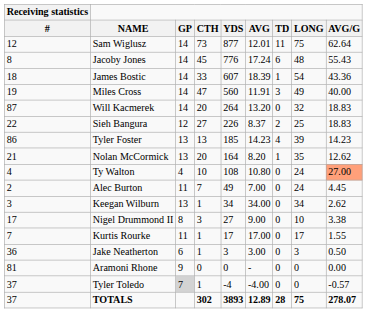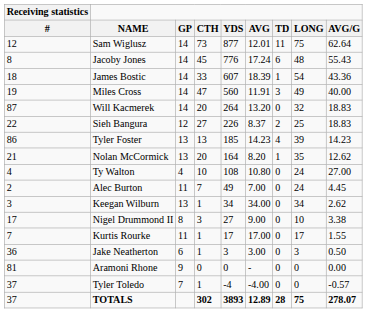 <table class="wikitable collapsible">
 <tr>
 <th style="text-align:center; ">Receiving statistics</th>
 </tr>
 <tr>
 <th>#</th>
 <th>NAME</th>
 <th>GP</th>
 <th>CTH</th>
 <th>YDS</th>
 <th>AVG</th>
 <th>TD</th>
 <th>LONG</th>
 <th>AVG/G</th>
 </tr>
 <tr>
 <td>12</td>
 <td>Sam Wiglusz</td>
 <td>14</td>
 <td>73</td>
 <td>877</td>
 <td>12.01</td>
 <td>11</td>
 <td>75</td>
 <td>62.64</td>
 </tr>
 <tr>
 <td>8</td>
 <td>Jacoby Jones</td>
 <td>14</td>
 <td>45</td>
 <td>776</td>
 <td>17.24</td>
 <td>6</td>
 <td>48</td>
 <td>55.43</td>
 </tr>
 <tr>
 <td>18</td>
 <td>James Bostic</td>
 <td>14</td>
 <td>33</td>
 <td>607</td>
 <td>18.39</td>
 <td>1</td>
 <td>54</td>
 <td>43.36</td>
 </tr>
 <tr>
 <td>19</td>
 <td>Miles Cross</td>
 <td>14</td>
 <td>47</td>
 <td>560</td>
 <td>11.91</td>
 <td>3</td>
 <td>49</td>
 <td>40.00</td>
 </tr>
 <tr>
 <td>87</td>
 <td>Will Kacmerek</td>
 <td>14</td>
 <td>20</td>
 <td>264</td>
 <td>13.20</td>
 <td>0</td>
 <td>32</td>
 <td>18.83</td>
 </tr>
 <tr>
 <td>22</td>
 <td>Sieh Bangura</td>
 <td>12</td>
 <td>27</td>
 <td>226</td>
 <td>8.37</td>
 <td>2</td>
 <td>25</td>
 <td>18.83</td>
 </tr>
 <tr>
 <td>86</td>
 <td>Tyler Foster</td>
 <td>13</td>
 <td>13</td>
 <td>185</td>
 <td>14.23</td>
 <td>4</td>
 <td>39</td>
 <td>14.23</td>
 </tr>
 <tr>
 <td>21</td>
 <td>Nolan McCormick</td>
 <td>13</td>
 <td>20</td>
 <td>164</td>
 <td>8.20</td>
 <td>1</td>
 <td>35</td>
 <td>12.62</td>
 </tr>
 <tr>
 <td>4</td>
 <td>Ty Walton</td>
 <td>4</td>
 <td>10</td>
 <td>108</td>
 <td>10.80</td>
 <td>0</td>
 <td>24</td>
-<td style="background: lightsalmon;">27.00</td>
+<td>27.00</td>
 </tr>
 <tr>
 <td>2</td>
 <td>Alec Burton</td>
 <td>11</td>
 <td>7</td>
 <td>49</td>
 <td>7.00</td>
 <td>0</td>
 <td>24</td>
 <td>4.45</td>
 </tr>
 <tr>
 <td>3</td>
 <td>Keegan Wilburn</td>
 <td>13</td>
 <td>1</td>
 <td>34</td>
 <td>34.00</td>
 <td>0</td>
 <td>34</td>
 <td>2.62</td>
 </tr>
 <tr>
 <td>17</td>
 <td>Nigel Drummond II</td>
 <td>8</td>
 <td>3</td>
 <td>27</td>
 <td>9.00</td>
 <td>0</td>
 <td>10</td>
 <td>3.38</td>
 </tr>
 <tr>
 <td>7</td>
 <td>Kurtis Rourke</td>
 <td>11</td>
 <td>1</td>
 <td>17</td>
 <td>17.00</td>
 <td>0</td>
 <td>17</td>
 <td>1.55</td>
 </tr>
 <tr>
 <td>36</td>
 <td>Jake Neatherton</td>
 <td>6</td>
 <td>1</td>
 <td>3</td>
 <td>3.00</td>
 <td>0</td>
 <td>3</td>
 <td>0.50</td>
 </tr>
 <tr>
 <td>81</td>
 <td>Aramoni Rhone</td>
 <td>9</td>
 <td>0</td>
 <td>0</td>
 <td>-</td>
 <td>0</td>
 <td>0</td>
 <td>0.00</td>
 </tr>
 <tr>
 <td>37</td>
 <td>Tyler Toledo</td>
-<td style="background: lightgrey;">7</td>
+<td>7</td>
 <td>1</td>
 <td>-4</td>
 <td>-4.00</td>
 <td>0</td>
 <td>0</td>
 <td>-0.57</td>
 </tr>
 <tr>
 <td>37</td>
 <td><strong>TOTALS</strong></td>
 <td></td>
 <td><strong>302</strong></td>
 <td><strong>3893</strong></td>
 <td><strong>12.89</strong></td>
 <td><strong>28</strong></td>
 <td><strong>75</strong></td>
 <td><strong>278.07</strong></td>
 </tr>
 </table>
